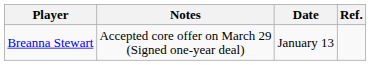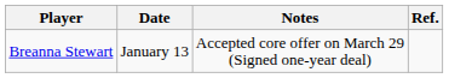 <table class="wikitable sortable sortable" style="text-align: center">
 <tr>
 <th>Player</th>
+<th>Date</th>
 <th>Notes</th>
-<th>Date</th>
 <th>Ref.</th>
 </tr>
 <tr>
 <td><a href='#'>Breanna Stewart</a></td>
+<td>January 13</td>
 <td>Accepted core offer on March 29<br>(Signed one-year deal)</td>
-<td>January 13</td>
 <td></td>
 </tr>
 </table>
